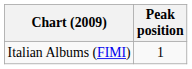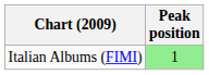 <table class="wikitable">
 <tr>
 <th>Chart (2009)</th>
 <th>Peak<br>position</th>
 </tr>
 <tr>
 <td>Italian Albums (<a href='#'>FIMI</a>)</td>
-<td style="text-align:center;">1</td>
+<td style="background: lightgreen; text-align:center;">1</td>
 </tr>
 </table>
